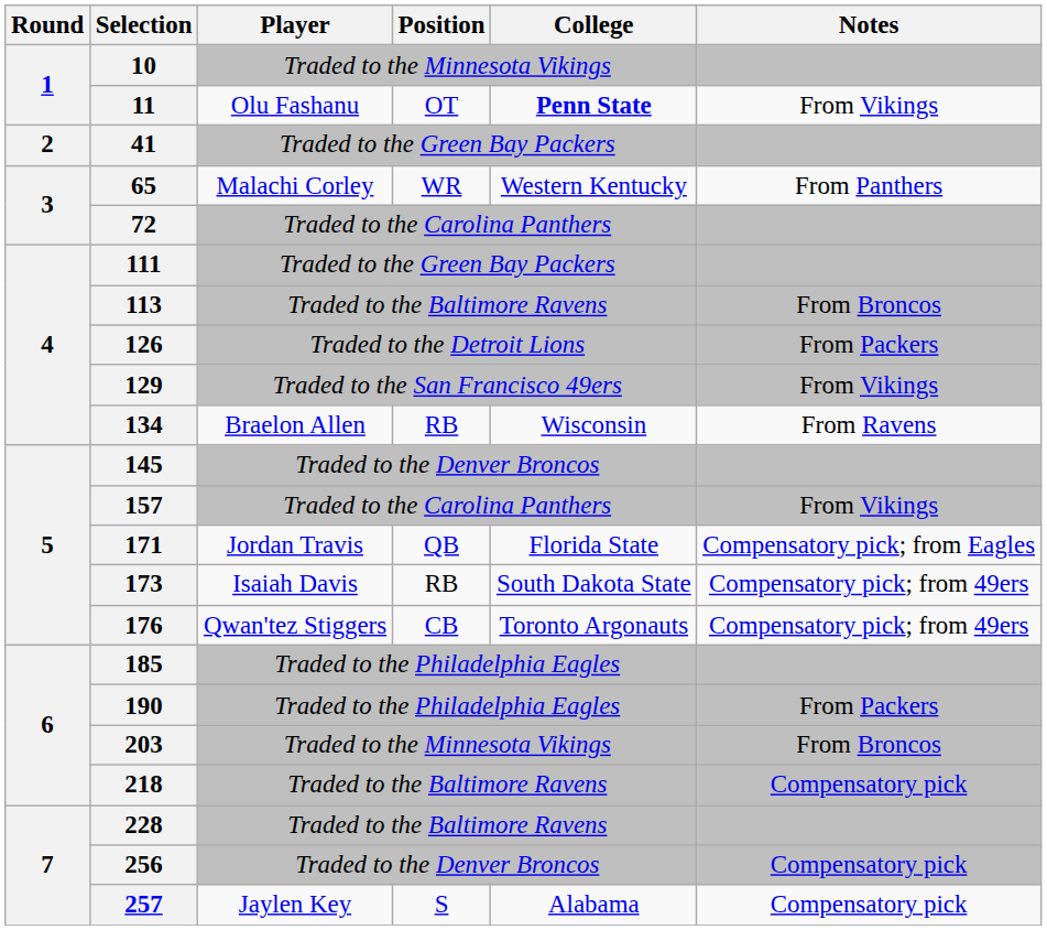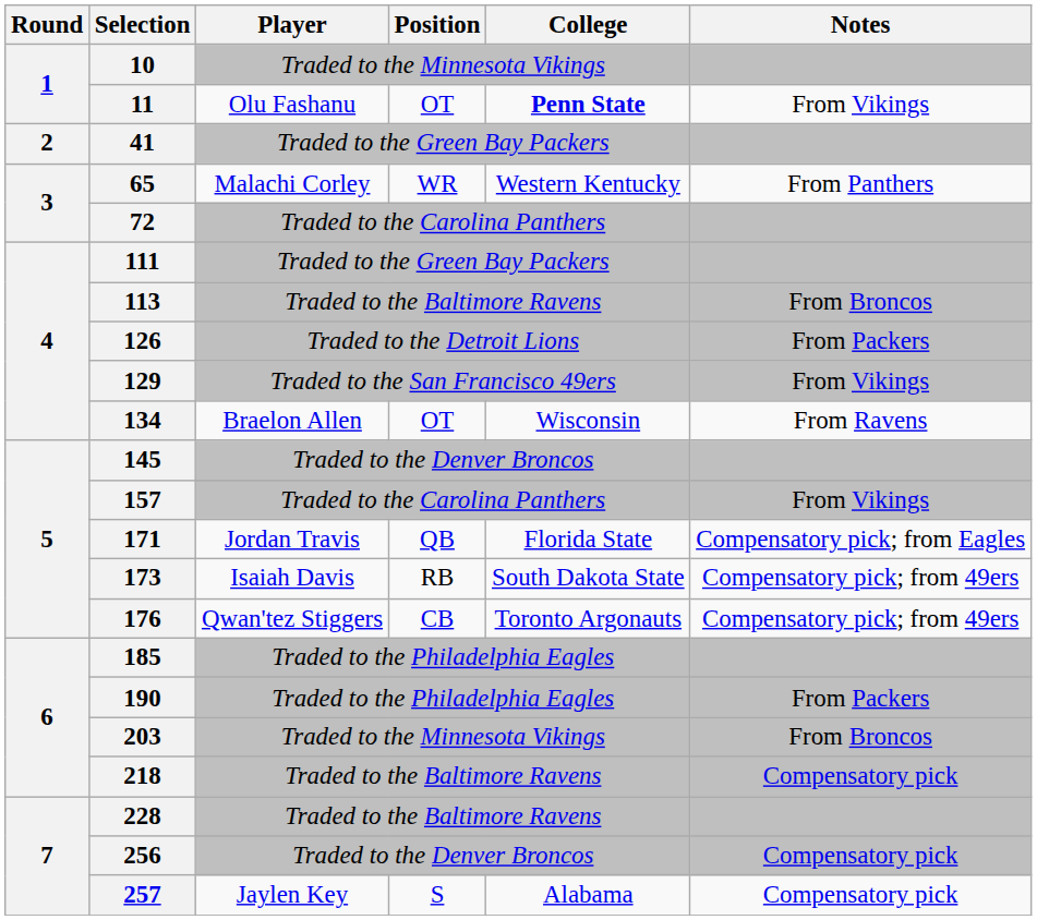 <table class="wikitable" style="text-align:center">
 <tr>
 <th>Round</th>
 <th>Selection</th>
 <th>Player</th>
 <th>Position</th>
 <th>College</th>
 <th>Notes</th>
 </tr>
 <tr>
 <th rowspan="2"><a href='#'>1</a></th>
 <th>10</th>
 <td colspan="3" style="background:#BFBFBF"><em>Traded to the <a href='#'>Minnesota Vikings</a></em></td>
 <td style="background:#BFBFBF"></td>
 </tr>
 <tr>
 <th>11</th>
 <td><a href='#'>Olu Fashanu</a></td>
 <td><a href='#'>OT</a></td>
 <td><strong><a href='#'>Penn State</a></strong></td>
 <td>From <a href='#'>Vikings</a></td>
 </tr>
 <tr>
 <th>2</th>
 <th>41</th>
 <td colspan="3" style="background:#BFBFBF"><em>Traded to the <a href='#'>Green Bay Packers</a></em></td>
 <td style="background:#BFBFBF"></td>
 </tr>
 <tr>
 <th rowspan="2">3</th>
 <th>65</th>
 <td><a href='#'>Malachi Corley</a></td>
 <td><a href='#'>WR</a></td>
 <td><a href='#'>Western Kentucky</a></td>
 <td>From <a href='#'>Panthers</a></td>
 </tr>
 <tr>
 <th>72</th>
 <td colspan="3" style="background:#BFBFBF"><em>Traded to the <a href='#'>Carolina Panthers</a></em></td>
 <td style="background:#BFBFBF"></td>
 </tr>
 <tr>
 <th rowspan="5">4</th>
 <th>111</th>
 <td colspan="3" style="background:#BFBFBF"><em>Traded to the <a href='#'>Green Bay Packers</a></em></td>
 <td style="background:#BFBFBF"></td>
 </tr>
 <tr>
 <th>113</th>
 <td colspan="3" style="background:#BFBFBF"><em>Traded to the <a href='#'>Baltimore Ravens</a></em></td>
 <td style="background:#BFBFBF">From <a href='#'>Broncos</a></td>
 </tr>
 <tr>
 <th>126</th>
 <td colspan="3" style="background:#BFBFBF"><em>Traded to the <a href='#'>Detroit Lions</a></em></td>
 <td style="background:#BFBFBF">From <a href='#'>Packers</a></td>
 </tr>
 <tr>
 <th>129</th>
 <td colspan="3" style="background:#BFBFBF"><em>Traded to the <a href='#'>San Francisco 49ers</a></em></td>
 <td style="background:#BFBFBF">From <a href='#'>Vikings</a></td>
 </tr>
 <tr>
 <th>134</th>
 <td><a href='#'>Braelon Allen</a></td>
-<td><a href='#'>RB</a></td>
+<td><a href='#'>OT</a></td>
 <td><a href='#'>Wisconsin</a></td>
 <td>From <a href='#'>Ravens</a></td>
 </tr>
 <tr>
 <th rowspan="5">5</th>
 <th>145</th>
 <td colspan="3" style="background:#BFBFBF"><em>Traded to the <a href='#'>Denver Broncos</a></em></td>
 <td style="background:#BFBFBF"></td>
 </tr>
 <tr>
 <th>157</th>
 <td colspan="3" style="background:#BFBFBF"><em>Traded to the <a href='#'>Carolina Panthers</a></em></td>
 <td style="background:#BFBFBF">From <a href='#'>Vikings</a></td>
 </tr>
 <tr>
 <th>171</th>
 <td><a href='#'>Jordan Travis</a></td>
 <td><a href='#'>QB</a></td>
 <td><a href='#'>Florida State</a></td>
 <td><a href='#'>Compensatory pick</a>; from <a href='#'>Eagles</a></td>
 </tr>
 <tr>
 <th>173</th>
 <td><a href='#'>Isaiah Davis</a></td>
 <td>RB</td>
 <td><a href='#'>South Dakota State</a></td>
 <td><a href='#'>Compensatory pick</a>; from <a href='#'>49ers</a></td>
 </tr>
 <tr>
 <th>176</th>
 <td><a href='#'>Qwan'tez Stiggers</a></td>
 <td><a href='#'>CB</a></td>
 <td><a href='#'>Toronto Argonauts</a></td>
 <td><a href='#'>Compensatory pick</a>; from <a href='#'>49ers</a></td>
 </tr>
 <tr>
 <th rowspan="4">6</th>
 <th>185</th>
 <td colspan="3" style="background:#BFBFBF"><em>Traded to the <a href='#'>Philadelphia Eagles</a></em></td>
 <td style="background:#BFBFBF"></td>
 </tr>
 <tr>
 <th>190</th>
 <td colspan="3" style="background:#BFBFBF"><em>Traded to the <a href='#'>Philadelphia Eagles</a></em></td>
 <td style="background:#BFBFBF">From <a href='#'>Packers</a></td>
 </tr>
 <tr>
 <th>203</th>
 <td colspan="3" style="background:#BFBFBF"><em>Traded to the <a href='#'>Minnesota Vikings</a></em></td>
 <td style="background:#BFBFBF">From <a href='#'>Broncos</a></td>
 </tr>
 <tr>
 <th>218</th>
 <td colspan="3" style="background:#BFBFBF"><em>Traded to the <a href='#'>Baltimore Ravens</a></em></td>
 <td style="background:#BFBFBF"><a href='#'>Compensatory pick</a></td>
 </tr>
 <tr>
 <th rowspan="3">7</th>
 <th>228</th>
 <td colspan="3" style="background:#BFBFBF"><em>Traded to the <a href='#'>Baltimore Ravens</a></em></td>
 <td style="background:#BFBFBF"></td>
 </tr>
 <tr>
 <th>256</th>
 <td colspan="3" style="background:#BFBFBF"><em>Traded to the <a href='#'>Denver Broncos</a></em></td>
 <td style="background:#BFBFBF"><a href='#'>Compensatory pick</a></td>
 </tr>
 <tr>
 <th><a href='#'>257</a></th>
 <td><a href='#'>Jaylen Key</a></td>
 <td><a href='#'>S</a></td>
 <td><a href='#'>Alabama</a></td>
 <td><a href='#'>Compensatory pick</a></td>
 </tr>
 </table>
